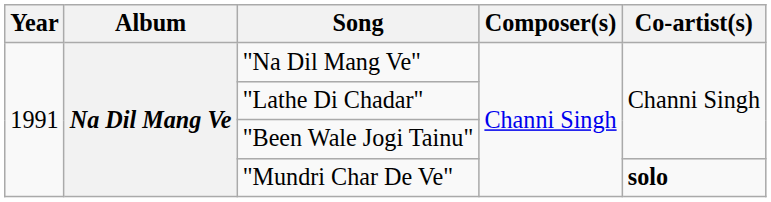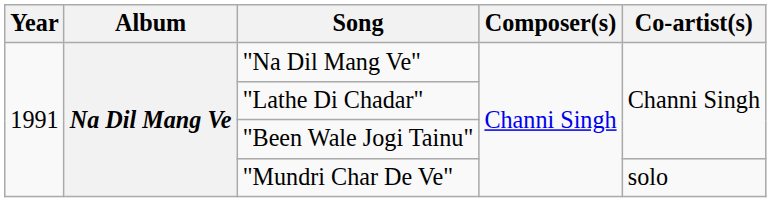 <table class="wikitable">
 <tr>
 <th>Year</th>
 <th>Album</th>
 <th>Song</th>
 <th>Composer(s)</th>
 <th>Co-artist(s)</th>
 </tr>
 <tr>
 <td rowspan=4>1991</td>
 <th rowspan=4><em>Na Dil Mang Ve</em></th>
 <td>"Na Dil Mang Ve"</td>
 <td rowspan=4><a href='#'>Channi Singh</a></td>
 <td rowspan=3>Channi Singh</td>
 </tr>
 <tr>
 <td>"Lathe Di Chadar"</td>
 </tr>
 <tr>
 <td>"Been Wale Jogi Tainu"</td>
 </tr>
 <tr>
 <td>"Mundri Char De Ve"</td>
-<td><strong>solo</strong></td>
+<td>solo</td>
 </tr>
 </table>
